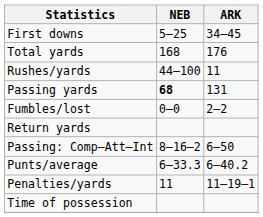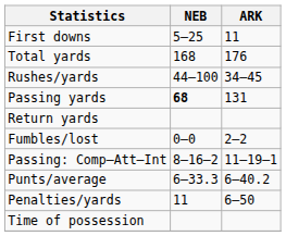 <table class="wikitable" style="float: left;">
 <tr>
 <th>Statistics</th>
 <th>NEB</th>
 <th>ARK</th>
 </tr>
 <tr>
 <td>First downs</td>
 <td>5–25</td>
-<td>34–45</td>
+<td>11</td>
 </tr>
 <tr>
 <td>Total yards</td>
 <td>168</td>
 <td>176</td>
 </tr>
 <tr>
 <td>Rushes/yards</td>
 <td>44–100</td>
-<td>11</td>
+<td>34–45</td>
 </tr>
 <tr>
 <td>Passing yards</td>
 <td><strong>68</strong></td>
 <td>131</td>
 </tr>
 <tr>
+<td>Return yards</td>
+<td></td>
+<td></td>
+</tr>
+<tr>
 <td>Fumbles/lost</td>
 <td>0–0</td>
 <td>2–2</td>
 </tr>
 <tr>
-<td>Return yards</td>
-<td></td>
-<td></td>
-</tr>
-<tr>
 <td>Passing: Comp–Att–Int</td>
 <td>8–16–2</td>
-<td>6–50</td>
+<td>11–19–1</td>
 </tr>
 <tr>
 <td>Punts/average</td>
 <td>6–33.3</td>
 <td>6–40.2</td>
 </tr>
 <tr>
 <td>Penalties/yards</td>
 <td>11</td>
-<td>11–19–1</td>
+<td>6–50</td>
 </tr>
 <tr>
 <td>Time of possession</td>
 <td></td>
 <td></td>
 </tr>
 <tr>
 </tr>
 </table>
